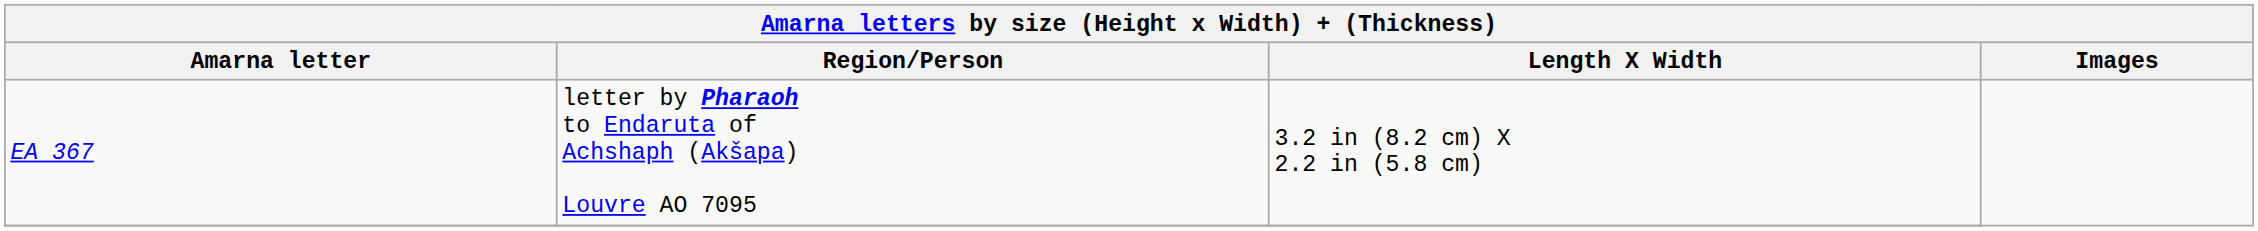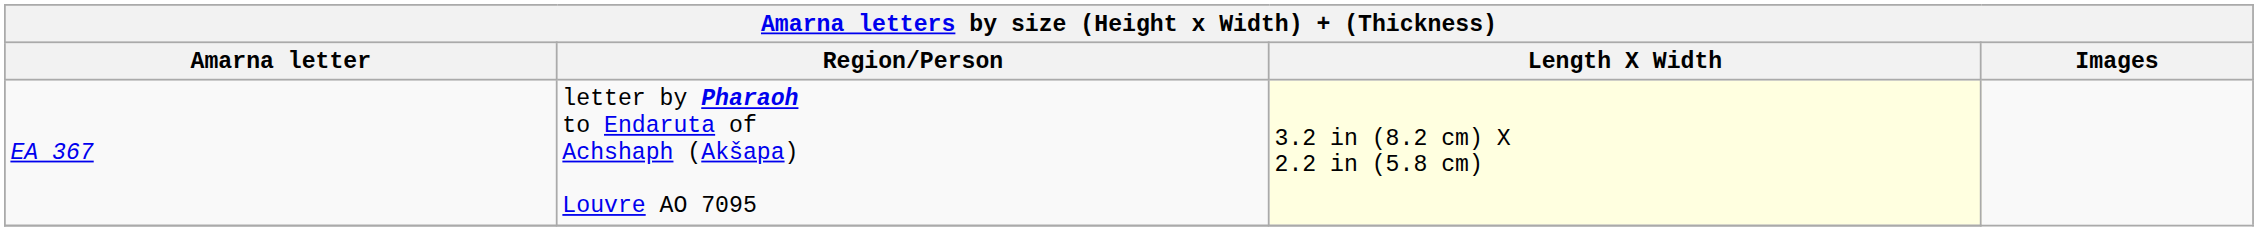 <table class="wikitable" align="center" width="100%">
 <tr>
 <th colspan="5" align="center"><strong><a href='#'>Amarna letters</a> by size (Height x Width) + (Thickness)</strong></th>
 </tr>
 <tr>
 <th>Amarna letter</th>
 <th>Region/Person</th>
 <th>Length X Width</th>
 <th>Images</th>
 </tr>
 <tr>
 <td><em><a href='#'>EA 367</a></em></td>
 <td>letter by <strong><em><a href='#'>Pharaoh</a></em></strong><br> to <a href='#'>Endaruta</a> of <br><a href='#'>Achshaph</a> (<a href='#'>Akšapa</a>)<br><br><a href='#'>Louvre</a> AO 7095</td>
-<td>3.2 in (8.2 cm) X<br> 2.2 in (5.8 cm)</td>
+<td style="background: lightyellow;">3.2 in (8.2 cm) X<br> 2.2 in (5.8 cm)</td>
 <td rowspan="99"></td>
 </tr>
 <tr>
 </tr>
 </table>
